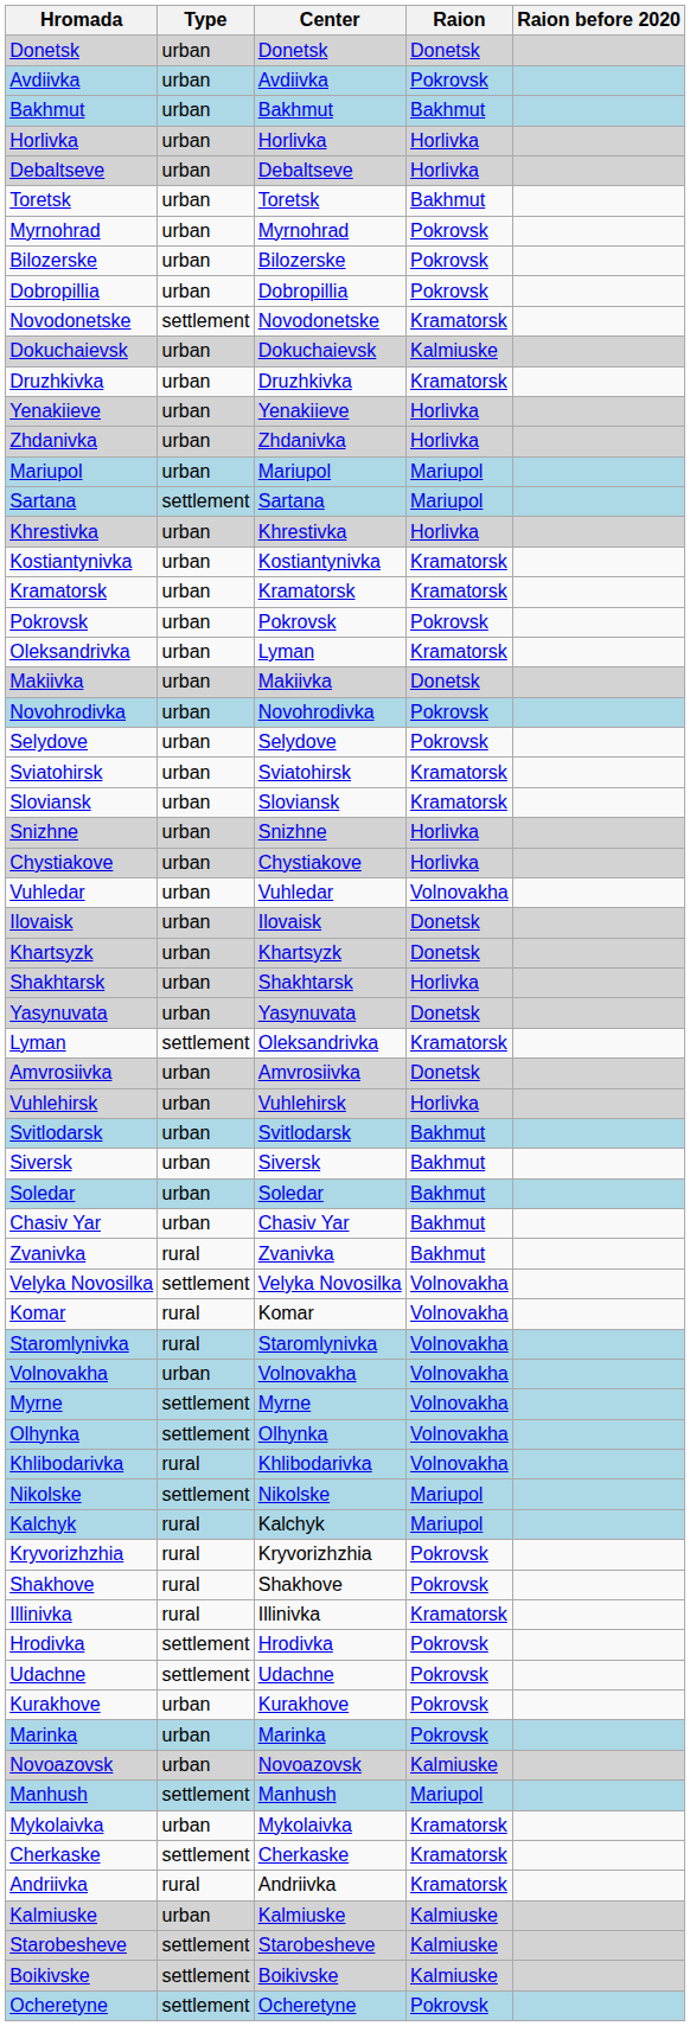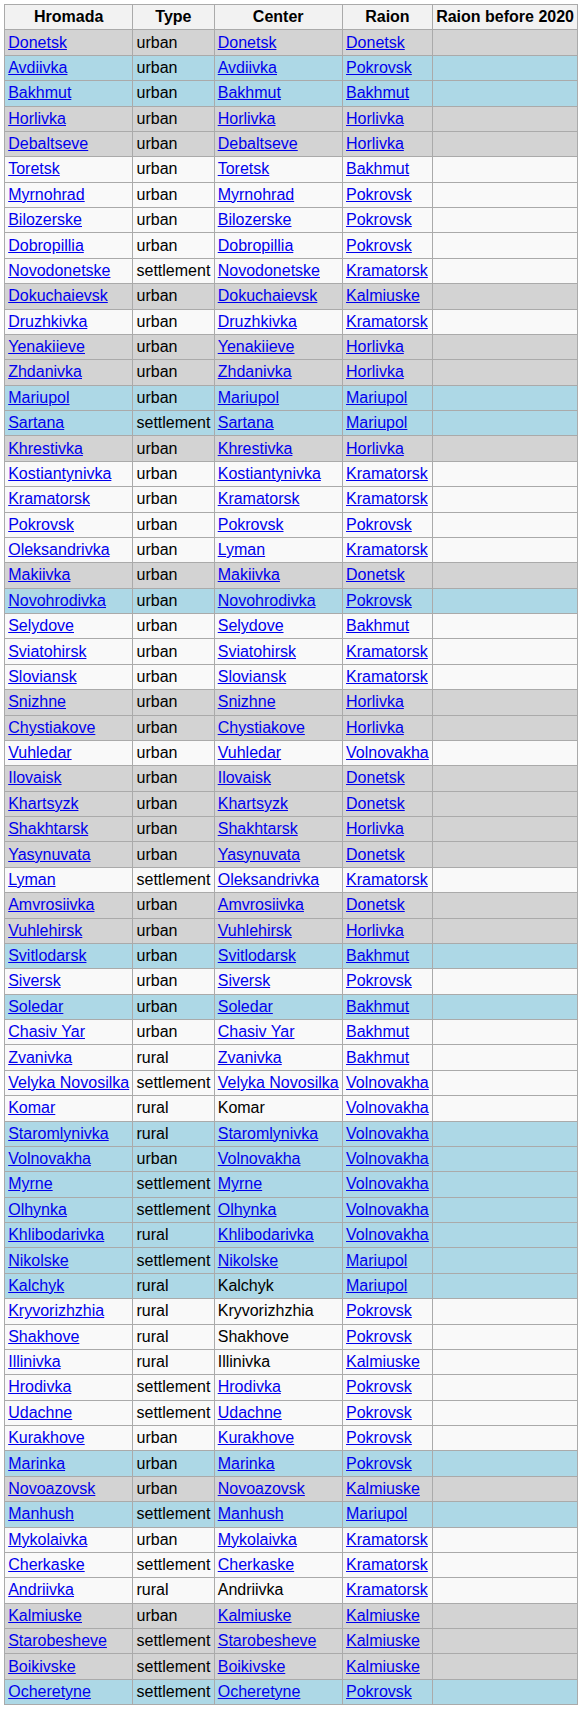 <table class='wikitable sortable'>
 <tr>
 <th>Hromada</th>
 <th>Type</th>
 <th>Center</th>
 <th>Raion</th>
 <th>Raion before 2020</th>
 </tr>
 <tr bgcolor=lightgray>
 <td><a href='#'>Donetsk</a></td>
 <td>urban</td>
 <td><a href='#'>Donetsk</a></td>
 <td><a href='#'>Donetsk</a></td>
 <td></td>
 </tr>
 <tr bgcolor=lightblue>
 <td><a href='#'>Avdiivka</a></td>
 <td>urban</td>
 <td><a href='#'>Avdiivka</a></td>
 <td><a href='#'>Pokrovsk</a></td>
 <td></td>
 </tr>
 <tr bgcolor=lightblue>
 <td><a href='#'>Bakhmut</a></td>
 <td>urban</td>
 <td><a href='#'>Bakhmut</a></td>
 <td><a href='#'>Bakhmut</a></td>
 <td></td>
 </tr>
 <tr bgcolor=lightgray>
 <td><a href='#'>Horlivka</a></td>
 <td>urban</td>
 <td><a href='#'>Horlivka</a></td>
 <td><a href='#'>Horlivka</a></td>
 <td></td>
 </tr>
 <tr bgcolor=lightgray>
 <td><a href='#'>Debaltseve</a></td>
 <td>urban</td>
 <td><a href='#'>Debaltseve</a></td>
 <td><a href='#'>Horlivka</a></td>
 <td></td>
 </tr>
 <tr>
 <td><a href='#'>Toretsk</a></td>
 <td>urban</td>
 <td><a href='#'>Toretsk</a></td>
 <td><a href='#'>Bakhmut</a></td>
 <td></td>
 </tr>
 <tr>
 <td><a href='#'>Myrnohrad</a></td>
 <td>urban</td>
 <td><a href='#'>Myrnohrad</a></td>
 <td><a href='#'>Pokrovsk</a></td>
 <td></td>
 </tr>
 <tr>
 <td><a href='#'>Bilozerske</a></td>
 <td>urban</td>
 <td><a href='#'>Bilozerske</a></td>
 <td><a href='#'>Pokrovsk</a></td>
 <td></td>
 </tr>
 <tr>
 <td><a href='#'>Dobropillia</a></td>
 <td>urban</td>
 <td><a href='#'>Dobropillia</a></td>
 <td><a href='#'>Pokrovsk</a></td>
 <td></td>
 </tr>
 <tr>
 <td><a href='#'>Novodonetske</a></td>
 <td>settlement</td>
 <td><a href='#'>Novodonetske</a></td>
 <td><a href='#'>Kramatorsk</a></td>
 <td></td>
 </tr>
 <tr bgcolor=lightgray>
 <td><a href='#'>Dokuchaievsk</a></td>
 <td>urban</td>
 <td><a href='#'>Dokuchaievsk</a></td>
 <td><a href='#'>Kalmiuske</a></td>
 <td></td>
 </tr>
 <tr>
 <td><a href='#'>Druzhkivka</a></td>
 <td>urban</td>
 <td><a href='#'>Druzhkivka</a></td>
 <td><a href='#'>Kramatorsk</a></td>
 <td></td>
 </tr>
 <tr bgcolor=lightgray>
 <td><a href='#'>Yenakiieve</a></td>
 <td>urban</td>
 <td><a href='#'>Yenakiieve</a></td>
 <td><a href='#'>Horlivka</a></td>
 <td></td>
 </tr>
 <tr bgcolor=lightgray>
 <td><a href='#'>Zhdanivka</a></td>
 <td>urban</td>
 <td><a href='#'>Zhdanivka</a></td>
 <td><a href='#'>Horlivka</a></td>
 <td></td>
 </tr>
 <tr bgcolor=lightblue>
 <td><a href='#'>Mariupol</a></td>
 <td>urban</td>
 <td><a href='#'>Mariupol</a></td>
 <td><a href='#'>Mariupol</a></td>
 <td></td>
 </tr>
 <tr bgcolor=lightblue>
 <td><a href='#'>Sartana</a></td>
 <td>settlement</td>
 <td><a href='#'>Sartana</a></td>
 <td><a href='#'>Mariupol</a></td>
 <td></td>
 </tr>
 <tr bgcolor=lightgray>
 <td><a href='#'>Khrestivka</a></td>
 <td>urban</td>
 <td><a href='#'>Khrestivka</a></td>
 <td><a href='#'>Horlivka</a></td>
 <td></td>
 </tr>
 <tr>
 <td><a href='#'>Kostiantynivka</a></td>
 <td>urban</td>
 <td><a href='#'>Kostiantynivka</a></td>
 <td><a href='#'>Kramatorsk</a></td>
 <td></td>
 </tr>
 <tr>
 <td><a href='#'>Kramatorsk</a></td>
 <td>urban</td>
 <td><a href='#'>Kramatorsk</a></td>
 <td><a href='#'>Kramatorsk</a></td>
 <td></td>
 </tr>
 <tr>
 <td><a href='#'>Pokrovsk</a></td>
 <td>urban</td>
 <td><a href='#'>Pokrovsk</a></td>
 <td><a href='#'>Pokrovsk</a></td>
 <td></td>
 </tr>
 <tr>
 <td><a href='#'>Oleksandrivka</a></td>
 <td>urban</td>
 <td><a href='#'>Lyman</a></td>
 <td><a href='#'>Kramatorsk</a></td>
 <td></td>
 </tr>
 <tr bgcolor=lightgray>
 <td><a href='#'>Makiivka</a></td>
 <td>urban</td>
 <td><a href='#'>Makiivka</a></td>
 <td><a href='#'>Donetsk</a></td>
 <td></td>
 </tr>
 <tr bgcolor=lightblue>
 <td><a href='#'>Novohrodivka</a></td>
 <td>urban</td>
 <td><a href='#'>Novohrodivka</a></td>
 <td><a href='#'>Pokrovsk</a></td>
 <td></td>
 </tr>
 <tr>
 <td><a href='#'>Selydove</a></td>
 <td>urban</td>
 <td><a href='#'>Selydove</a></td>
-<td><a href='#'>Pokrovsk</a></td>
+<td><a href='#'>Bakhmut</a></td>
 <td></td>
 </tr>
 <tr>
 <td><a href='#'>Sviatohirsk</a></td>
 <td>urban</td>
 <td><a href='#'>Sviatohirsk</a></td>
 <td><a href='#'>Kramatorsk</a></td>
 <td></td>
 </tr>
 <tr>
 <td><a href='#'>Sloviansk</a></td>
 <td>urban</td>
 <td><a href='#'>Sloviansk</a></td>
 <td><a href='#'>Kramatorsk</a></td>
 <td></td>
 </tr>
 <tr bgcolor=lightgray>
 <td><a href='#'>Snizhne</a></td>
 <td>urban</td>
 <td><a href='#'>Snizhne</a></td>
 <td><a href='#'>Horlivka</a></td>
 <td></td>
 </tr>
 <tr bgcolor=lightgray>
 <td><a href='#'>Chystiakove</a></td>
 <td>urban</td>
 <td><a href='#'>Chystiakove</a></td>
 <td><a href='#'>Horlivka</a></td>
 <td></td>
 </tr>
 <tr>
 <td><a href='#'>Vuhledar</a></td>
 <td>urban</td>
 <td><a href='#'>Vuhledar</a></td>
 <td><a href='#'>Volnovakha</a></td>
 <td></td>
 </tr>
 <tr bgcolor=lightgray>
 <td><a href='#'>Ilovaisk</a></td>
 <td>urban</td>
 <td><a href='#'>Ilovaisk</a></td>
 <td><a href='#'>Donetsk</a></td>
 <td></td>
 </tr>
 <tr bgcolor=lightgray>
 <td><a href='#'>Khartsyzk</a></td>
 <td>urban</td>
 <td><a href='#'>Khartsyzk</a></td>
 <td><a href='#'>Donetsk</a></td>
 <td></td>
 </tr>
 <tr bgcolor=lightgray>
 <td><a href='#'>Shakhtarsk</a></td>
 <td>urban</td>
 <td><a href='#'>Shakhtarsk</a></td>
 <td><a href='#'>Horlivka</a></td>
 <td></td>
 </tr>
 <tr bgcolor=lightgray>
 <td><a href='#'>Yasynuvata</a></td>
 <td>urban</td>
 <td><a href='#'>Yasynuvata</a></td>
 <td><a href='#'>Donetsk</a></td>
 <td></td>
 </tr>
 <tr>
 <td><a href='#'>Lyman</a></td>
 <td>settlement</td>
 <td><a href='#'>Oleksandrivka</a></td>
 <td><a href='#'>Kramatorsk</a></td>
 <td></td>
 </tr>
 <tr bgcolor=lightgray>
 <td><a href='#'>Amvrosiivka</a></td>
 <td>urban</td>
 <td><a href='#'>Amvrosiivka</a></td>
 <td><a href='#'>Donetsk</a></td>
 <td></td>
 </tr>
 <tr bgcolor=lightgray>
 <td><a href='#'>Vuhlehirsk</a></td>
 <td>urban</td>
 <td><a href='#'>Vuhlehirsk</a></td>
 <td><a href='#'>Horlivka</a></td>
 <td></td>
 </tr>
 <tr bgcolor=lightblue>
 <td><a href='#'>Svitlodarsk</a></td>
 <td>urban</td>
 <td><a href='#'>Svitlodarsk</a></td>
 <td><a href='#'>Bakhmut</a></td>
 <td></td>
 </tr>
 <tr>
 <td><a href='#'>Siversk</a></td>
 <td>urban</td>
 <td><a href='#'>Siversk</a></td>
-<td><a href='#'>Bakhmut</a></td>
+<td><a href='#'>Pokrovsk</a></td>
 <td></td>
 </tr>
 <tr bgcolor=lightblue>
 <td><a href='#'>Soledar</a></td>
 <td>urban</td>
 <td><a href='#'>Soledar</a></td>
 <td><a href='#'>Bakhmut</a></td>
 <td></td>
 </tr>
 <tr>
 <td><a href='#'>Chasiv Yar</a></td>
 <td>urban</td>
 <td><a href='#'>Chasiv Yar</a></td>
 <td><a href='#'>Bakhmut</a></td>
 <td></td>
 </tr>
 <tr>
 <td><a href='#'>Zvanivka</a></td>
 <td>rural</td>
 <td><a href='#'>Zvanivka</a></td>
 <td><a href='#'>Bakhmut</a></td>
 <td></td>
 </tr>
 <tr>
 <td><a href='#'>Velyka Novosilka</a></td>
 <td>settlement</td>
 <td><a href='#'>Velyka Novosilka</a></td>
 <td><a href='#'>Volnovakha</a></td>
 <td></td>
 </tr>
 <tr>
 <td><a href='#'>Komar</a></td>
 <td>rural</td>
 <td>Komar</td>
 <td><a href='#'>Volnovakha</a></td>
 <td></td>
 </tr>
 <tr bgcolor=lightblue>
 <td><a href='#'>Staromlynivka</a></td>
 <td>rural</td>
 <td><a href='#'>Staromlynivka</a></td>
 <td><a href='#'>Volnovakha</a></td>
 <td></td>
 </tr>
 <tr bgcolor=lightblue>
 <td><a href='#'>Volnovakha</a></td>
 <td>urban</td>
 <td><a href='#'>Volnovakha</a></td>
 <td><a href='#'>Volnovakha</a></td>
 <td></td>
 </tr>
 <tr bgcolor=lightblue>
 <td><a href='#'>Myrne</a></td>
 <td>settlement</td>
 <td><a href='#'>Myrne</a></td>
 <td><a href='#'>Volnovakha</a></td>
 <td></td>
 </tr>
 <tr bgcolor=lightblue>
 <td><a href='#'>Olhynka</a></td>
 <td>settlement</td>
 <td><a href='#'>Olhynka</a></td>
 <td><a href='#'>Volnovakha</a></td>
 <td></td>
 </tr>
 <tr bgcolor=lightblue>
 <td><a href='#'>Khlibodarivka</a></td>
 <td>rural</td>
 <td><a href='#'>Khlibodarivka</a></td>
 <td><a href='#'>Volnovakha</a></td>
 <td></td>
 </tr>
 <tr bgcolor=lightblue>
 <td><a href='#'>Nikolske</a></td>
 <td>settlement</td>
 <td><a href='#'>Nikolske</a></td>
 <td><a href='#'>Mariupol</a></td>
 <td></td>
 </tr>
 <tr bgcolor=lightblue>
 <td><a href='#'>Kalchyk</a></td>
 <td>rural</td>
 <td>Kalchyk</td>
 <td><a href='#'>Mariupol</a></td>
 <td></td>
 </tr>
 <tr>
 <td><a href='#'>Kryvorizhzhia</a></td>
 <td>rural</td>
 <td>Kryvorizhzhia</td>
 <td><a href='#'>Pokrovsk</a></td>
 <td></td>
 </tr>
 <tr>
 <td><a href='#'>Shakhove</a></td>
 <td>rural</td>
 <td>Shakhove</td>
 <td><a href='#'>Pokrovsk</a></td>
 <td></td>
 </tr>
 <tr>
 <td><a href='#'>Illinivka</a></td>
 <td>rural</td>
 <td>Illinivka</td>
-<td><a href='#'>Kramatorsk</a></td>
+<td><a href='#'>Kalmiuske</a></td>
 <td></td>
 </tr>
 <tr>
 <td><a href='#'>Hrodivka</a></td>
 <td>settlement</td>
 <td><a href='#'>Hrodivka</a></td>
 <td><a href='#'>Pokrovsk</a></td>
 <td></td>
 </tr>
 <tr>
 <td><a href='#'>Udachne</a></td>
 <td>settlement</td>
 <td><a href='#'>Udachne</a></td>
 <td><a href='#'>Pokrovsk</a></td>
 <td></td>
 </tr>
 <tr>
 <td><a href='#'>Kurakhove</a></td>
 <td>urban</td>
 <td><a href='#'>Kurakhove</a></td>
 <td><a href='#'>Pokrovsk</a></td>
 <td></td>
 </tr>
 <tr bgcolor=lightblue>
 <td><a href='#'>Marinka</a></td>
 <td>urban</td>
 <td><a href='#'>Marinka</a></td>
 <td><a href='#'>Pokrovsk</a></td>
 <td></td>
 </tr>
 <tr bgcolor=lightgray>
 <td><a href='#'>Novoazovsk</a></td>
 <td>urban</td>
 <td><a href='#'>Novoazovsk</a></td>
 <td><a href='#'>Kalmiuske</a></td>
 <td></td>
 </tr>
 <tr bgcolor=lightblue>
 <td><a href='#'>Manhush</a></td>
 <td>settlement</td>
 <td><a href='#'>Manhush</a></td>
 <td><a href='#'>Mariupol</a></td>
 <td></td>
 </tr>
 <tr>
 <td><a href='#'>Mykolaivka</a></td>
 <td>urban</td>
 <td><a href='#'>Mykolaivka</a></td>
 <td><a href='#'>Kramatorsk</a></td>
 <td></td>
 </tr>
 <tr>
 <td><a href='#'>Cherkaske</a></td>
 <td>settlement</td>
 <td><a href='#'>Cherkaske</a></td>
 <td><a href='#'>Kramatorsk</a></td>
 <td></td>
 </tr>
 <tr>
 <td><a href='#'>Andriivka</a></td>
 <td>rural</td>
 <td>Andriivka</td>
 <td><a href='#'>Kramatorsk</a></td>
 <td></td>
 </tr>
 <tr bgcolor=lightgray>
 <td><a href='#'>Kalmiuske</a></td>
 <td>urban</td>
 <td><a href='#'>Kalmiuske</a></td>
 <td><a href='#'>Kalmiuske</a></td>
 <td></td>
 </tr>
 <tr bgcolor=lightgray>
 <td><a href='#'>Starobesheve</a></td>
 <td>settlement</td>
 <td><a href='#'>Starobesheve</a></td>
 <td><a href='#'>Kalmiuske</a></td>
 <td></td>
 </tr>
 <tr bgcolor=lightgray>
 <td><a href='#'>Boikivske</a></td>
 <td>settlement</td>
 <td><a href='#'>Boikivske</a></td>
 <td><a href='#'>Kalmiuske</a></td>
 <td></td>
 </tr>
 <tr bgcolor=lightblue>
 <td><a href='#'>Ocheretyne</a></td>
 <td>settlement</td>
 <td><a href='#'>Ocheretyne</a></td>
 <td><a href='#'>Pokrovsk</a></td>
 <td></td>
 </tr>
 </table>
